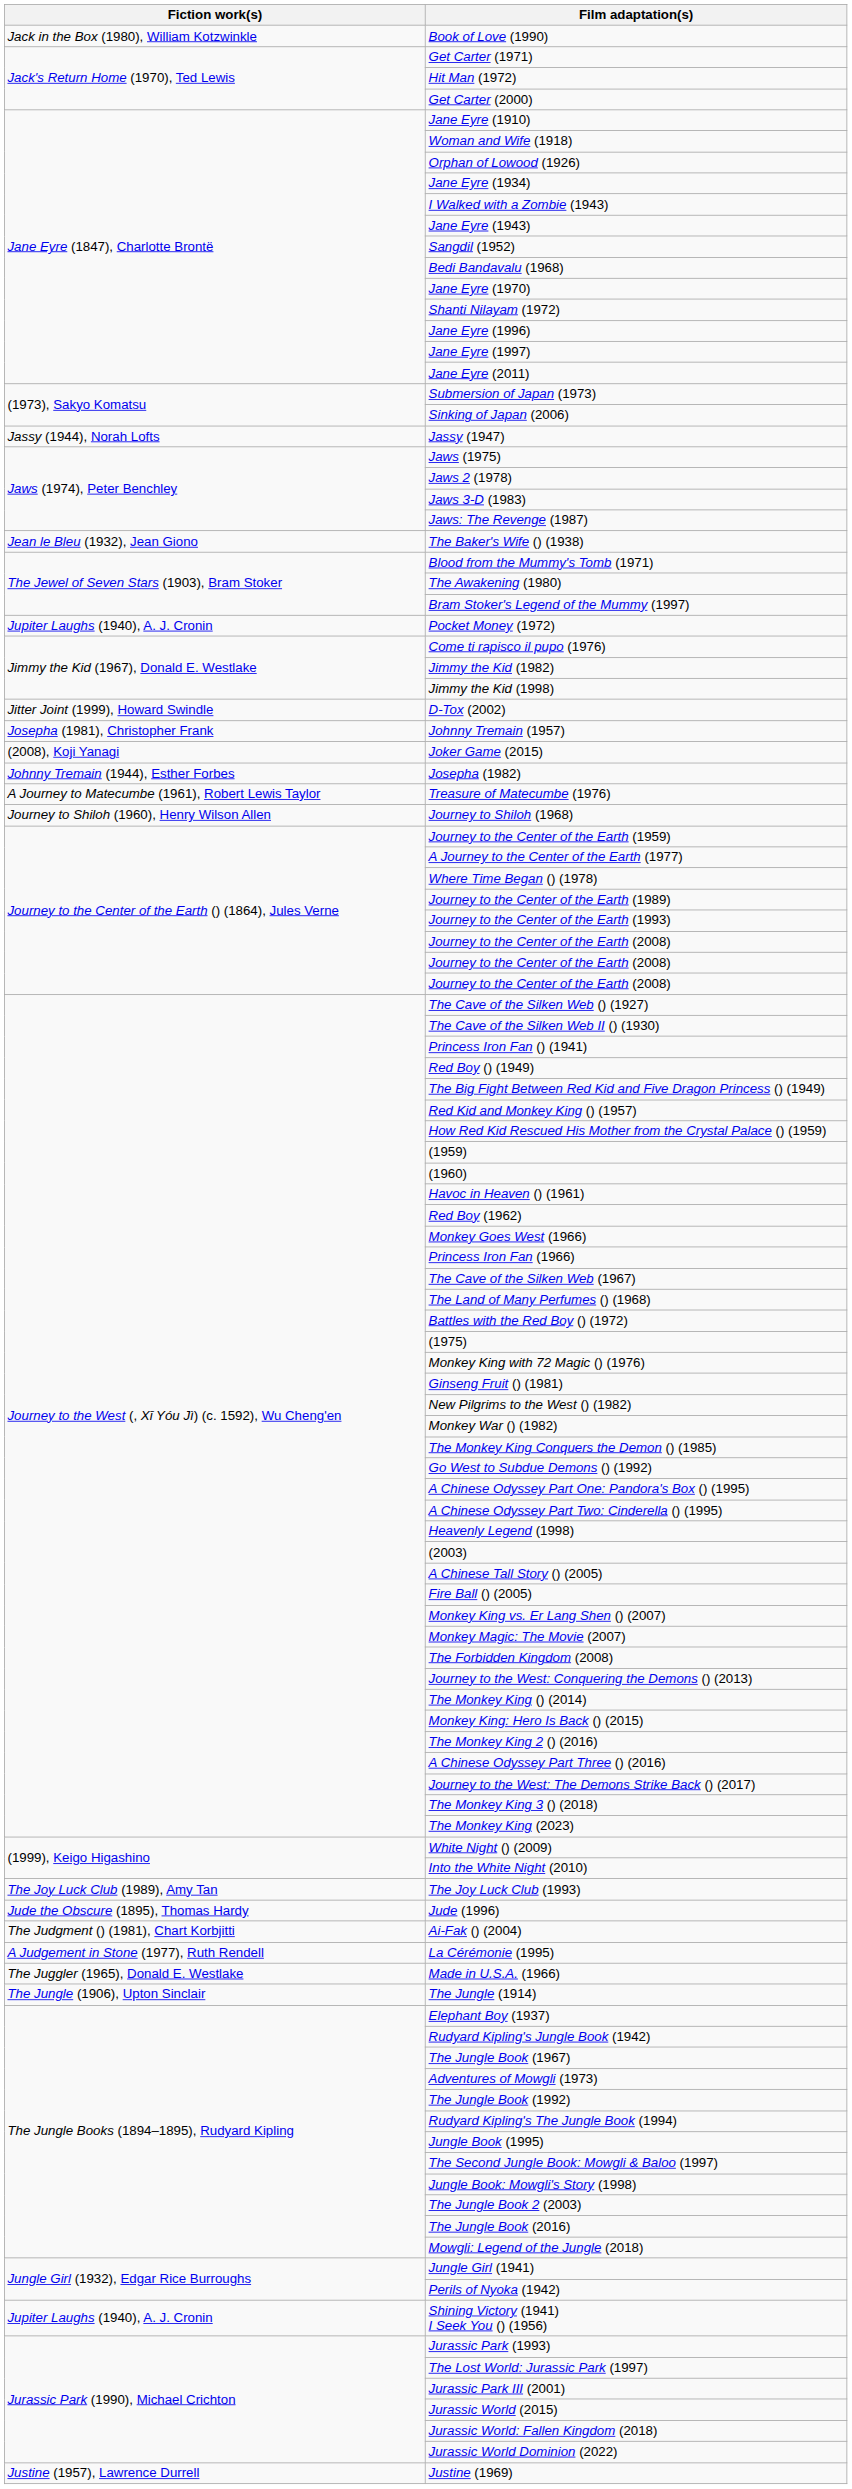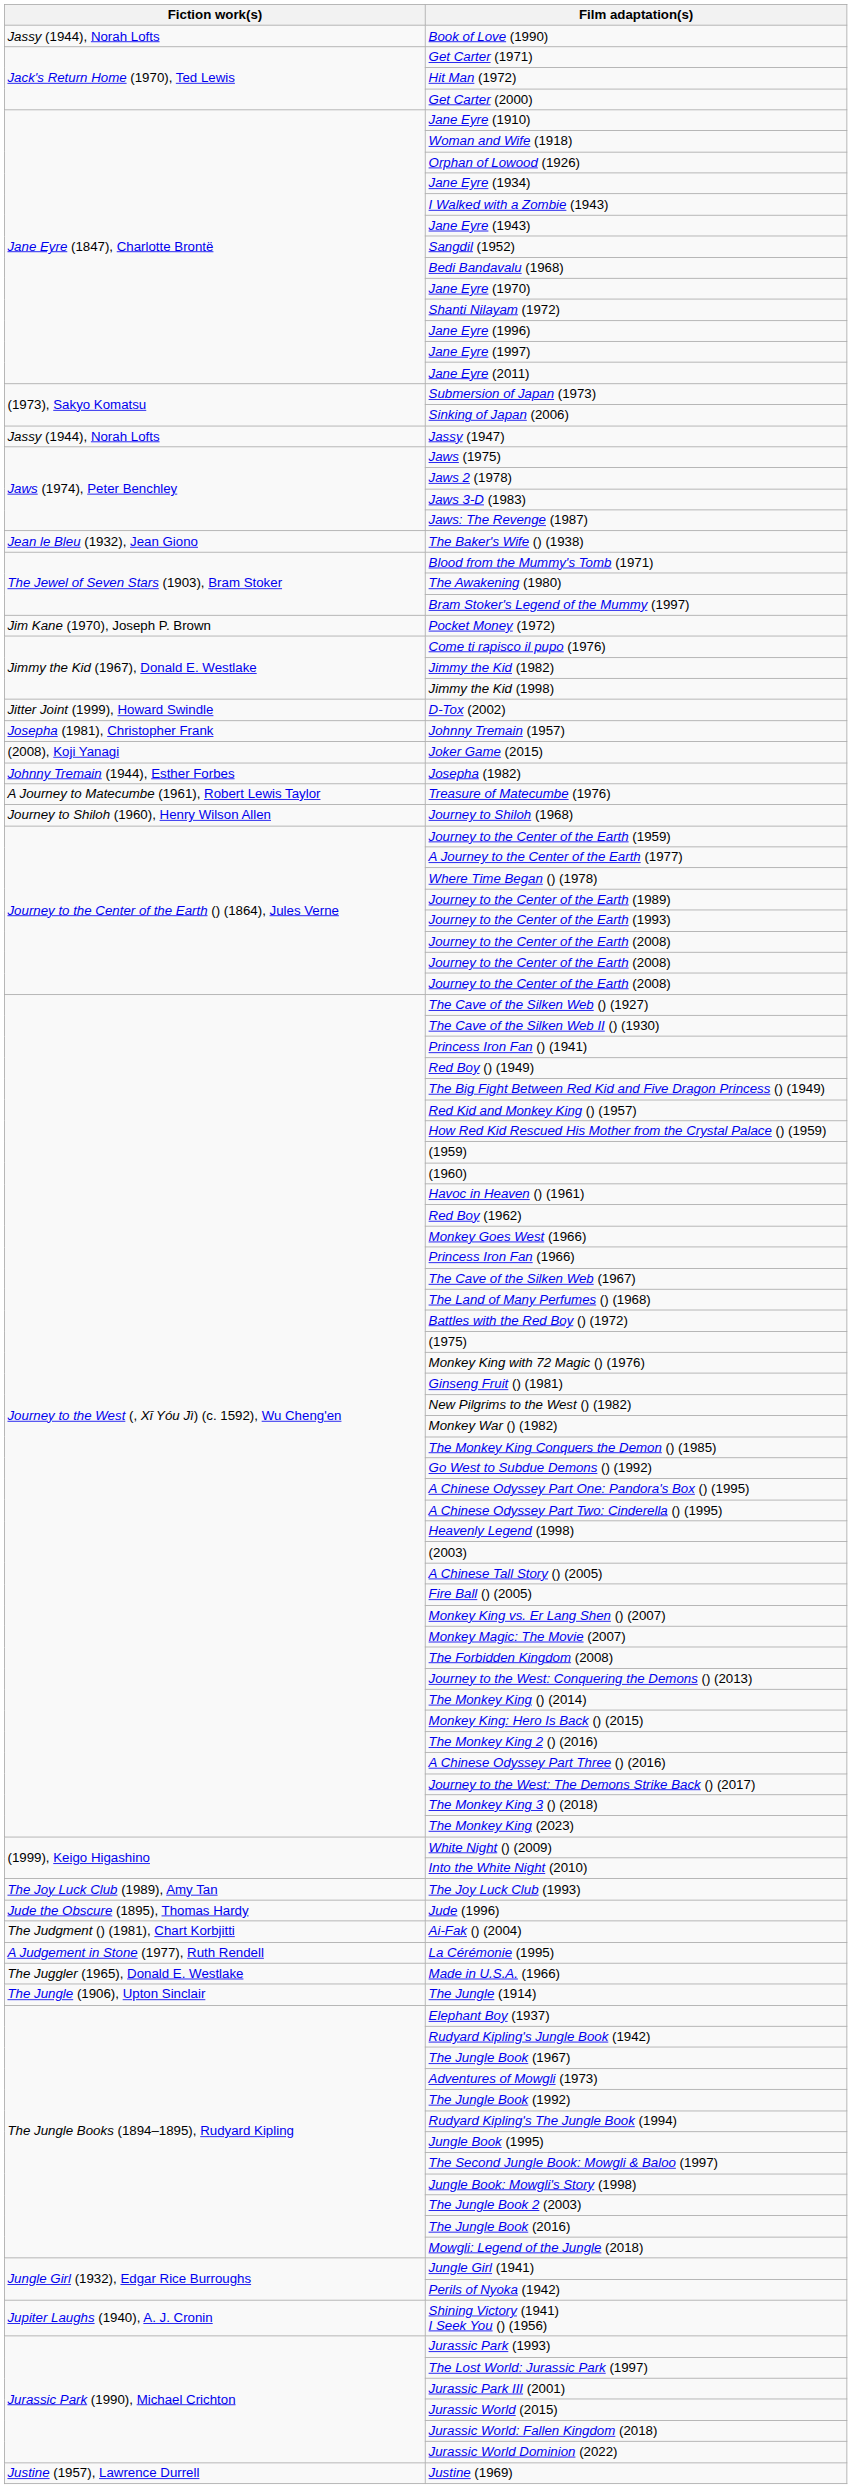 <table class="wikitable">
 <tr>
 <th width="500">Fiction work(s)</th>
 <th width="500">Film adaptation(s)</th>
 </tr>
 <tr>
-<td><em>Jack in the Box</em> (1980), <a href='#'>William Kotzwinkle</a></td>
+<td><em>Jassy</em> (1944), <a href='#'>Norah Lofts</a></td>
 <td><em><a href='#'>Book of Love</a></em> (1990)</td>
 </tr>
 <tr>
 <td rowspan="3"><em><a href='#'>Jack's Return Home</a></em> (1970), <a href='#'>Ted Lewis</a></td>
 <td><em><a href='#'>Get Carter</a></em> (1971)</td>
 </tr>
 <tr>
 <td><em><a href='#'>Hit Man</a></em> (1972)</td>
 </tr>
 <tr>
 <td><em><a href='#'>Get Carter</a></em> (2000)</td>
 </tr>
 <tr>
 <td rowspan="13"><em><a href='#'>Jane Eyre</a></em> (1847), <a href='#'>Charlotte Brontë</a></td>
 <td><em><a href='#'>Jane Eyre</a></em> (1910)</td>
 </tr>
 <tr>
 <td><em><a href='#'>Woman and Wife</a></em> (1918)</td>
 </tr>
 <tr>
 <td><em><a href='#'>Orphan of Lowood</a></em> (1926)</td>
 </tr>
 <tr>
 <td><em><a href='#'>Jane Eyre</a></em> (1934)</td>
 </tr>
 <tr>
 <td><em><a href='#'>I Walked with a Zombie</a></em> (1943)</td>
 </tr>
 <tr>
 <td><em><a href='#'>Jane Eyre</a></em> (1943)</td>
 </tr>
 <tr>
 <td><em><a href='#'>Sangdil</a></em> (1952)</td>
 </tr>
 <tr>
 <td><em><a href='#'>Bedi Bandavalu</a></em> (1968)</td>
 </tr>
 <tr>
 <td><em><a href='#'>Jane Eyre</a></em> (1970)</td>
 </tr>
 <tr>
 <td><em><a href='#'>Shanti Nilayam</a></em> (1972)</td>
 </tr>
 <tr>
 <td><em><a href='#'>Jane Eyre</a></em> (1996)</td>
 </tr>
 <tr>
 <td><em><a href='#'>Jane Eyre</a></em> (1997)</td>
 </tr>
 <tr>
 <td><em><a href='#'>Jane Eyre</a></em> (2011)</td>
 </tr>
 <tr>
 <td rowspan="2"> (1973), <a href='#'>Sakyo Komatsu</a></td>
 <td><em><a href='#'>Submersion of Japan</a></em> (1973)</td>
 </tr>
 <tr>
 <td><em><a href='#'>Sinking of Japan</a></em> (2006)</td>
 </tr>
 <tr>
 <td><em>Jassy</em> (1944), <a href='#'>Norah Lofts</a></td>
 <td><em><a href='#'>Jassy</a></em> (1947)</td>
 </tr>
 <tr>
 <td rowspan="4"><em><a href='#'>Jaws</a></em> (1974), <a href='#'>Peter Benchley</a></td>
 <td><em><a href='#'>Jaws</a></em> (1975)</td>
 </tr>
 <tr>
 <td><em><a href='#'>Jaws 2</a></em> (1978)</td>
 </tr>
 <tr>
 <td><em><a href='#'>Jaws 3-D</a></em> (1983)</td>
 </tr>
 <tr>
 <td><em><a href='#'>Jaws: The Revenge</a></em> (1987)</td>
 </tr>
 <tr>
 <td><em><a href='#'>Jean le Bleu</a></em> (1932), <a href='#'>Jean Giono</a></td>
 <td><em><a href='#'>The Baker's Wife</a></em> () (1938)</td>
 </tr>
 <tr>
 <td rowspan="3"><em><a href='#'>The Jewel of Seven Stars</a></em> (1903), <a href='#'>Bram Stoker</a></td>
 <td><em><a href='#'>Blood from the Mummy's Tomb</a></em> (1971)</td>
 </tr>
 <tr>
 <td><em><a href='#'>The Awakening</a></em> (1980)</td>
 </tr>
 <tr>
 <td><em><a href='#'>Bram Stoker's Legend of the Mummy</a></em> (1997)</td>
 </tr>
 <tr>
-<td><em><a href='#'>Jupiter Laughs</a></em> (1940), <a href='#'>A. J. Cronin</a></td>
+<td><em>Jim Kane</em> (1970), Joseph P. Brown</td>
 <td><em><a href='#'>Pocket Money</a></em> (1972)</td>
 </tr>
 <tr>
 <td rowspan="3"><em>Jimmy the Kid</em> (1967), <a href='#'>Donald E. Westlake</a></td>
 <td><em><a href='#'>Come ti rapisco il pupo</a></em> (1976)</td>
 </tr>
 <tr>
 <td><em><a href='#'>Jimmy the Kid</a></em> (1982)</td>
 </tr>
 <tr>
 <td><em>Jimmy the Kid</em> (1998)</td>
 </tr>
 <tr>
 <td><em>Jitter Joint</em> (1999), <a href='#'>Howard Swindle</a></td>
 <td><em><a href='#'>D-Tox</a></em> (2002)</td>
 </tr>
 <tr>
 <td><em><a href='#'>Josepha</a></em> (1981), <a href='#'>Christopher Frank</a></td>
 <td><em><a href='#'>Johnny Tremain</a></em> (1957)</td>
 </tr>
 <tr>
 <td> (2008), <a href='#'>Koji Yanagi</a></td>
 <td><em><a href='#'>Joker Game</a></em> (2015)</td>
 </tr>
 <tr>
 <td><em><a href='#'>Johnny Tremain</a></em> (1944), <a href='#'>Esther Forbes</a></td>
 <td><em><a href='#'>Josepha</a></em> (1982)</td>
 </tr>
 <tr>
 <td><em>A Journey to Matecumbe</em> (1961), <a href='#'>Robert Lewis Taylor</a></td>
 <td><em><a href='#'>Treasure of Matecumbe</a></em> (1976)</td>
 </tr>
 <tr>
 <td><em>Journey to Shiloh</em> (1960), <a href='#'>Henry Wilson Allen</a></td>
 <td><em><a href='#'>Journey to Shiloh</a></em> (1968)</td>
 </tr>
 <tr>
 <td rowspan="8"><em><a href='#'>Journey to the Center of the Earth</a></em> () (1864), <a href='#'>Jules Verne</a></td>
 <td><em><a href='#'>Journey to the Center of the Earth</a></em> (1959)</td>
 </tr>
 <tr>
 <td><em><a href='#'>A Journey to the Center of the Earth</a></em> (1977)</td>
 </tr>
 <tr>
 <td><em><a href='#'>Where Time Began</a></em> () (1978)</td>
 </tr>
 <tr>
 <td><em><a href='#'>Journey to the Center of the Earth</a></em> (1989)</td>
 </tr>
 <tr>
 <td><em><a href='#'>Journey to the Center of the Earth</a></em> (1993)</td>
 </tr>
 <tr>
 <td><em><a href='#'>Journey to the Center of the Earth</a></em> (2008)</td>
 </tr>
 <tr>
 <td><em><a href='#'>Journey to the Center of the Earth</a></em> (2008)</td>
 </tr>
 <tr>
 <td><em><a href='#'>Journey to the Center of the Earth</a></em> (2008)</td>
 </tr>
 <tr>
 <td rowspan="40"><em><a href='#'>Journey to the West</a></em> (, <em>Xī Yóu Jì</em>) (c. 1592), <a href='#'>Wu Cheng'en</a></td>
 <td><em><a href='#'>The Cave of the Silken Web</a></em> () (1927)</td>
 </tr>
 <tr>
 <td><em><a href='#'>The Cave of the Silken Web II</a></em> () (1930)</td>
 </tr>
 <tr>
 <td><em><a href='#'>Princess Iron Fan</a></em> () (1941)</td>
 </tr>
 <tr>
 <td><em><a href='#'>Red Boy</a></em> () (1949)</td>
 </tr>
 <tr>
 <td><em><a href='#'>The Big Fight Between Red Kid and Five Dragon Princess</a></em> () (1949)</td>
 </tr>
 <tr>
 <td><em><a href='#'>Red Kid and Monkey King</a></em> () (1957)</td>
 </tr>
 <tr>
 <td><em><a href='#'>How Red Kid Rescued His Mother from the Crystal Palace</a></em> () (1959)</td>
 </tr>
 <tr>
 <td> (1959)</td>
 </tr>
 <tr>
 <td> (1960)</td>
 </tr>
 <tr>
 <td><em><a href='#'>Havoc in Heaven</a></em> () (1961)</td>
 </tr>
 <tr>
 <td><em><a href='#'>Red Boy</a></em> (1962)</td>
 </tr>
 <tr>
 <td><em><a href='#'>Monkey Goes West</a></em> (1966)</td>
 </tr>
 <tr>
 <td><em><a href='#'>Princess Iron Fan</a></em> (1966)</td>
 </tr>
 <tr>
 <td><em><a href='#'>The Cave of the Silken Web</a></em> (1967)</td>
 </tr>
 <tr>
 <td><em><a href='#'>The Land of Many Perfumes</a></em> () (1968)</td>
 </tr>
 <tr>
 <td><em><a href='#'>Battles with the Red Boy</a></em> () (1972)</td>
 </tr>
 <tr>
 <td> (1975)</td>
 </tr>
 <tr>
 <td><em>Monkey King with 72 Magic</em> () (1976)</td>
 </tr>
 <tr>
 <td><em><a href='#'>Ginseng Fruit</a></em> () (1981)</td>
 </tr>
 <tr>
 <td><em>New Pilgrims to the West</em> () (1982)</td>
 </tr>
 <tr>
 <td><em>Monkey War</em> () (1982)</td>
 </tr>
 <tr>
 <td><em><a href='#'>The Monkey King Conquers the Demon</a></em> () (1985)</td>
 </tr>
 <tr>
 <td><em><a href='#'>Go West to Subdue Demons</a></em> () (1992)</td>
 </tr>
 <tr>
 <td><em><a href='#'>A Chinese Odyssey Part One: Pandora's Box</a></em> () (1995)</td>
 </tr>
 <tr>
 <td><em><a href='#'>A Chinese Odyssey Part Two: Cinderella</a></em> () (1995)</td>
 </tr>
 <tr>
 <td><em><a href='#'>Heavenly Legend</a></em> (1998)</td>
 </tr>
 <tr>
 <td> (2003)</td>
 </tr>
 <tr>
 <td><em><a href='#'>A Chinese Tall Story</a></em> () (2005)</td>
 </tr>
 <tr>
 <td><em><a href='#'>Fire Ball</a></em> () (2005)</td>
 </tr>
 <tr>
 <td><em><a href='#'>Monkey King vs. Er Lang Shen</a></em> () (2007)</td>
 </tr>
 <tr>
 <td><em><a href='#'>Monkey Magic: The Movie</a></em> (2007)</td>
 </tr>
 <tr>
 <td><em><a href='#'>The Forbidden Kingdom</a></em> (2008)</td>
 </tr>
 <tr>
 <td><em><a href='#'>Journey to the West: Conquering the Demons</a></em> () (2013)</td>
 </tr>
 <tr>
 <td><em><a href='#'>The Monkey King</a></em> () (2014)</td>
 </tr>
 <tr>
 <td><em><a href='#'>Monkey King: Hero Is Back</a></em> () (2015)</td>
 </tr>
 <tr>
 <td><em><a href='#'>The Monkey King 2</a></em> () (2016)</td>
 </tr>
 <tr>
 <td><em><a href='#'>A Chinese Odyssey Part Three</a></em> () (2016)</td>
 </tr>
 <tr>
 <td><em><a href='#'>Journey to the West: The Demons Strike Back</a></em> () (2017)</td>
 </tr>
 <tr>
 <td><em><a href='#'>The Monkey King 3</a></em> () (2018)</td>
 </tr>
 <tr>
 <td><em><a href='#'>The Monkey King</a></em> (2023)</td>
 </tr>
 <tr>
 <td rowspan="2"> (1999), <a href='#'>Keigo Higashino</a></td>
 <td><em><a href='#'>White Night</a></em> () (2009)</td>
 </tr>
 <tr>
 <td><em><a href='#'>Into the White Night</a></em> (2010)</td>
 </tr>
 <tr>
 <td><em><a href='#'>The Joy Luck Club</a></em> (1989), <a href='#'>Amy Tan</a></td>
 <td><em><a href='#'>The Joy Luck Club</a></em> (1993)</td>
 </tr>
 <tr>
 <td><em><a href='#'>Jude the Obscure</a></em> (1895), <a href='#'>Thomas Hardy</a></td>
 <td><em><a href='#'>Jude</a></em> (1996)</td>
 </tr>
 <tr>
 <td><em>The Judgment</em> () (1981), <a href='#'>Chart Korbjitti</a></td>
 <td><em><a href='#'>Ai-Fak</a></em> () (2004)</td>
 </tr>
 <tr>
 <td><em><a href='#'>A Judgement in Stone</a></em> (1977), <a href='#'>Ruth Rendell</a></td>
 <td><em><a href='#'>La Cérémonie</a></em> (1995)</td>
 </tr>
 <tr>
 <td><em>The Juggler</em> (1965), <a href='#'>Donald E. Westlake</a></td>
 <td><em><a href='#'>Made in U.S.A.</a></em> (1966)</td>
 </tr>
 <tr>
 <td><em><a href='#'>The Jungle</a></em> (1906), <a href='#'>Upton Sinclair</a></td>
 <td><em><a href='#'>The Jungle</a></em> (1914)</td>
 </tr>
 <tr>
 <td rowspan="12"><em>The Jungle Books</em> (1894–1895), <a href='#'>Rudyard Kipling</a></td>
 <td><em><a href='#'>Elephant Boy</a></em> (1937)</td>
 </tr>
 <tr>
 <td><em><a href='#'>Rudyard Kipling's Jungle Book</a></em> (1942)</td>
 </tr>
 <tr>
 <td><em><a href='#'>The Jungle Book</a></em> (1967)</td>
 </tr>
 <tr>
 <td><em><a href='#'>Adventures of Mowgli</a></em> (1973)</td>
 </tr>
 <tr>
 <td><em><a href='#'>The Jungle Book</a></em> (1992)</td>
 </tr>
 <tr>
 <td><em><a href='#'>Rudyard Kipling's The Jungle Book</a></em> (1994)</td>
 </tr>
 <tr>
 <td><em><a href='#'>Jungle Book</a></em> (1995)</td>
 </tr>
 <tr>
 <td><em><a href='#'>The Second Jungle Book: Mowgli & Baloo</a></em> (1997)</td>
 </tr>
 <tr>
 <td><em><a href='#'>Jungle Book: Mowgli's Story</a></em> (1998)</td>
 </tr>
 <tr>
 <td><em><a href='#'>The Jungle Book 2</a></em> (2003)</td>
 </tr>
 <tr>
 <td><em><a href='#'>The Jungle Book</a></em> (2016)</td>
 </tr>
 <tr>
 <td><em><a href='#'>Mowgli: Legend of the Jungle</a></em> (2018)</td>
 </tr>
 <tr>
 <td rowspan="2"><em><a href='#'>Jungle Girl</a></em> (1932), <a href='#'>Edgar Rice Burroughs</a></td>
 <td><em><a href='#'>Jungle Girl</a></em> (1941)</td>
 </tr>
 <tr>
 <td><em><a href='#'>Perils of Nyoka</a></em> (1942)</td>
 </tr>
 <tr>
 <td><em><a href='#'>Jupiter Laughs</a></em> (1940), <a href='#'>A. J. Cronin</a></td>
 <td><em><a href='#'>Shining Victory</a></em> (1941)<br><em><a href='#'>I Seek You</a></em> () (1956)</td>
 </tr>
 <tr>
 <td rowspan="6"><em><a href='#'>Jurassic Park</a></em> (1990), <a href='#'>Michael Crichton</a></td>
 <td><em><a href='#'>Jurassic Park</a></em> (1993)</td>
 </tr>
 <tr>
 <td><em><a href='#'>The Lost World: Jurassic Park</a></em> (1997)</td>
 </tr>
 <tr>
 <td><em><a href='#'>Jurassic Park III</a></em> (2001)</td>
 </tr>
 <tr>
 <td><em><a href='#'>Jurassic World</a></em> (2015)</td>
 </tr>
 <tr>
 <td><em><a href='#'>Jurassic World: Fallen Kingdom</a></em> (2018)</td>
 </tr>
 <tr>
 <td><em><a href='#'>Jurassic World Dominion</a></em> (2022)</td>
 </tr>
 <tr>
 <td><em><a href='#'>Justine</a></em> (1957), <a href='#'>Lawrence Durrell</a></td>
 <td><em><a href='#'>Justine</a></em> (1969)</td>
 </tr>
 </table>
